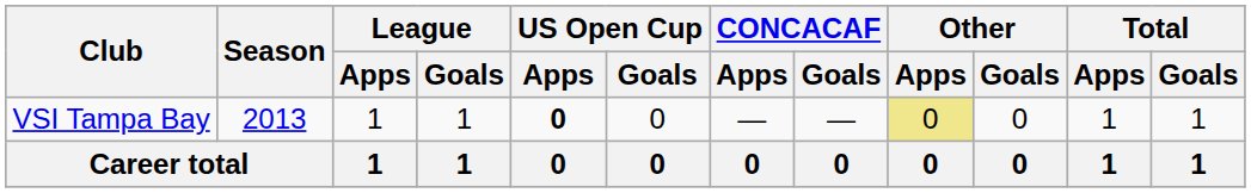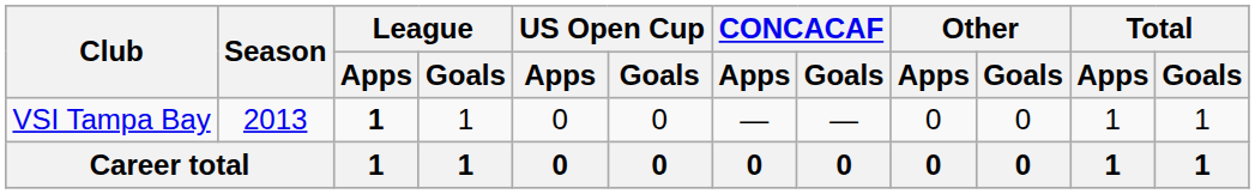 <table class="wikitable" style="font-size:90%; text-align:center;">
 <tr>
 <th rowspan="2">Club</th>
 <th rowspan="2">Season</th>
 <th colspan="2">League</th>
 <th colspan="2">US Open Cup</th>
 <th colspan="2"><a href='#'>CONCACAF</a></th>
 <th colspan="2">Other</th>
 <th colspan="2">Total</th>
 </tr>
 <tr>
 <th>Apps</th>
 <th>Goals</th>
 <th>Apps</th>
 <th>Goals</th>
 <th>Apps</th>
 <th>Goals</th>
 <th>Apps</th>
 <th>Goals</th>
 <th>Apps</th>
 <th>Goals</th>
 </tr>
 <tr>
 <td rowspan="1"><a href='#'>VSI Tampa Bay</a></td>
 <td><a href='#'>2013</a></td>
+<td><strong>1</strong></td>
 <td>1</td>
-<td>1</td>
-<td><strong>0</strong></td>
+<td>0</td>
 <td>0</td>
 <td>—</td>
 <td>—</td>
-<td style="background: khaki;">0</td>
+<td>0</td>
 <td>0</td>
 <td>1</td>
 <td>1</td>
 </tr>
 <tr>
 <th colspan="2">Career total</th>
 <th>1</th>
 <th>1</th>
 <th>0</th>
 <th>0</th>
 <th>0</th>
 <th>0</th>
 <th>0</th>
 <th>0</th>
 <th>1</th>
 <th>1</th>
 </tr>
 </table>
